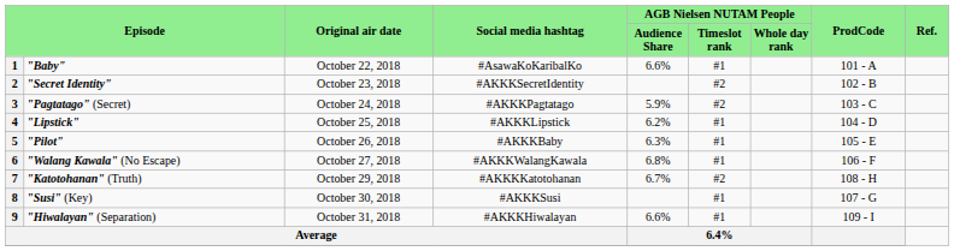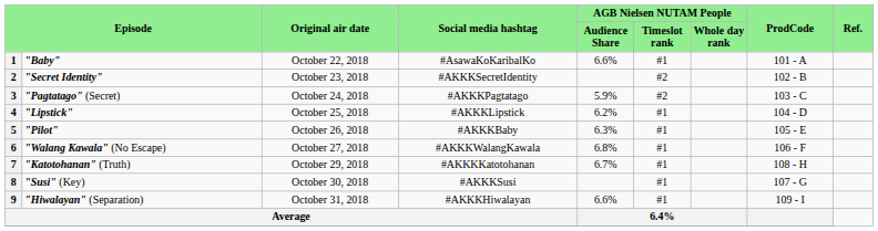 <table class="wikitable" style="text-align:center; font-size:100%; line-height:18px;" width="100%">
 <tr>
 <th style="background-color:#90EE90; color:#000000;" colspan="2" rowspan="2">Episode</th>
 <th style="background-color:#90EE90; color:black" rowspan="2">Original air date</th>
 <th style="background-color:#90EE90; color:black" rowspan="2">Social media hashtag</th>
 <th style="background-color:#90EE90; color:#000000;" colspan="3">AGB Nielsen NUTAM People</th>
 <th style="background-color:#90EE90; color:#000000;" rowspan="2">ProdCode</th>
 <th style="background-color:#90EE90; color:#000000;" rowspan="2">Ref.</th>
 </tr>
 <tr>
 <th style="background-color:#90EE90; width:75px; color:#000000;">Audience Share</th>
 <th style="background-color:#90EE90; width:75px; color:#000000;">Timeslot<br>rank</th>
 <th style="background-color:#90EE90; width:75px; color:#000000;">Whole day<br>rank</th>
 </tr>
 <tr>
 <th>1</th>
 <td style="text-align: left;"><strong><em>"Baby"</em></strong></td>
 <td>October 22, 2018</td>
 <td>#AsawaKoKaribalKo</td>
 <td>6.6%</td>
 <td>#1</td>
 <td></td>
 <td>101 - A</td>
 <td></td>
 </tr>
 <tr>
 <th>2</th>
 <td style="text-align: left;"><strong><em>"Secret Identity"</em></strong></td>
 <td>October 23, 2018</td>
 <td>#AKKKSecretIdentity</td>
 <td></td>
 <td>#2</td>
 <td></td>
 <td>102 - B</td>
 </tr>
 <tr>
 <th>3</th>
 <td style="text-align: left;"><strong><em>"Pagtatago"</em></strong> (Secret)</td>
 <td>October 24, 2018</td>
 <td>#AKKKPagtatago</td>
 <td>5.9%</td>
 <td>#2</td>
 <td></td>
 <td>103 - C</td>
 <td></td>
 </tr>
 <tr>
 <th>4</th>
 <td style="text-align: left;"><strong><em>"Lipstick"</em></strong></td>
 <td>October 25, 2018</td>
 <td>#AKKKLipstick</td>
 <td>6.2%</td>
 <td>#1</td>
 <td></td>
 <td>104 - D</td>
 <td></td>
 </tr>
 <tr>
 <th>5</th>
 <td style="text-align: left;"><strong><em>"Pilot"</em></strong></td>
 <td>October 26, 2018</td>
 <td>#AKKKBaby</td>
 <td>6.3%</td>
 <td>#1</td>
 <td></td>
 <td>105 - E</td>
 </tr>
 <tr>
 <th>6</th>
 <td style="text-align: left;"><strong><em>"Walang Kawala"</em></strong> (No Escape)</td>
 <td>October 27, 2018</td>
 <td>#AKKKWalangKawala</td>
 <td>6.8%</td>
 <td>#1</td>
 <td></td>
 <td>106 - F</td>
 <td></td>
 </tr>
 <tr>
 <th>7</th>
 <td style="text-align: left;"><strong><em>"Katotohanan"</em></strong> (Truth)</td>
 <td>October 29, 2018</td>
 <td>#AKKKKatotohanan</td>
 <td>6.7%</td>
-<td>#2</td>
+<td>#1</td>
 <td></td>
 <td>108 - H</td>
 </tr>
 <tr>
 <th>8</th>
 <td style="text-align: left;"><strong><em>"Susi"</em></strong> (Key)</td>
 <td>October 30, 2018</td>
 <td>#AKKKSusi</td>
 <td></td>
 <td>#1</td>
 <td></td>
 <td>107 - G</td>
 <td></td>
 </tr>
 <tr>
 <th>9</th>
 <td style="text-align: left;"><strong><em>"Hiwalayan"</em></strong> (Separation)</td>
 <td>October 31, 2018</td>
 <td>#AKKKHiwalayan</td>
 <td>6.6%</td>
 <td>#1</td>
 <td></td>
 <td>109 - I</td>
 <td></td>
 </tr>
 <tr>
 <th colspan="4">Average</th>
 <th colspan="3">6.4%</th>
 <th></th>
 </tr>
 <tr>
 </tr>
 </table>
